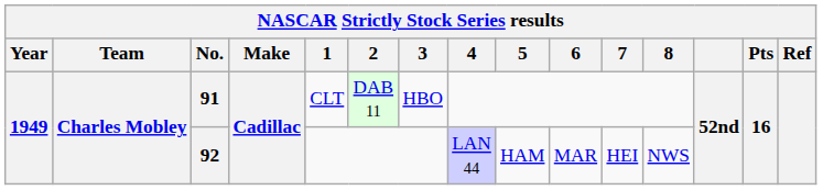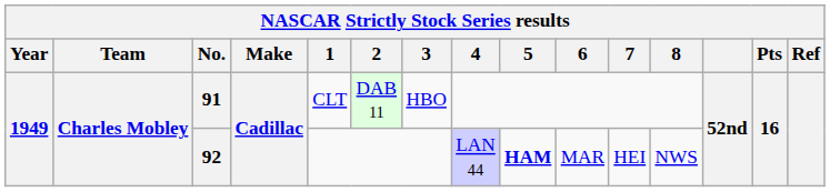 <table class="wikitable" style="text-align:center; font-size:75%">
 <tr>
 <th colspan=15><a href='#'>NASCAR</a> <a href='#'>Strictly Stock Series</a> results</th>
 </tr>
 <tr>
 <th>Year</th>
 <th>Team</th>
 <th>No.</th>
 <th>Make</th>
 <th>1</th>
 <th>2</th>
 <th>3</th>
 <th>4</th>
 <th>5</th>
 <th>6</th>
 <th>7</th>
 <th>8</th>
 <th></th>
 <th>Pts</th>
 <th>Ref</th>
 </tr>
 <tr>
 <th rowspan=2><a href='#'>1949</a></th>
 <th rowspan=2><a href='#'>Charles Mobley</a></th>
 <th>91</th>
 <th rowspan=2><a href='#'>Cadillac</a></th>
 <td><a href='#'>CLT</a></td>
 <td style="background:#DFFFDF;"><a href='#'>DAB</a><br><small>11</small></td>
 <td><a href='#'>HBO</a></td>
 <td colspan=5></td>
 <th rowspan=2>52nd</th>
 <th rowspan=2>16</th>
 <th rowspan=2></th>
 </tr>
 <tr>
 <th>92</th>
 <td colspan=3></td>
 <td style="background:#CFCFFF;"><a href='#'>LAN</a><br><small>44</small></td>
-<td><a href='#'>HAM</a></td>
+<td><strong><a href='#'>HAM</a></strong></td>
 <td><a href='#'>MAR</a></td>
 <td><a href='#'>HEI</a></td>
 <td><a href='#'>NWS</a></td>
 </tr>
 </table>
